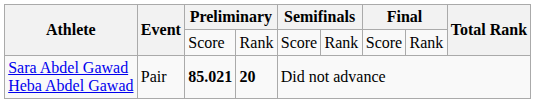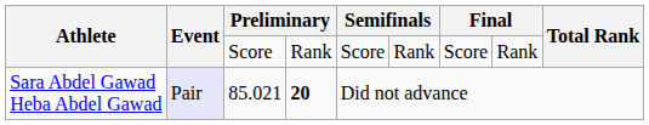 <table class="wikitable">
 <tr>
 <th rowspan="2">Athlete</th>
 <th rowspan="2">Event</th>
 <th colspan="2">Preliminary</th>
 <th colspan="2">Semifinals</th>
 <th colspan="2">Final</th>
 <th rowspan="2">Total Rank</th>
 </tr>
 <tr>
 <td>Score</td>
 <td>Rank</td>
 <td>Score</td>
 <td>Rank</td>
 <td>Score</td>
 <td>Rank</td>
 </tr>
 <tr>
 <td><a href='#'>Sara Abdel Gawad</a><br><a href='#'>Heba Abdel Gawad</a></td>
-<td>Pair</td>
-<td><strong>85.021</strong></td>
+<td style="background: lavender;">Pair</td>
+<td>85.021</td>
 <td><strong>20</strong></td>
 <td colspan="5">Did not advance</td>
 </tr>
 </table>
